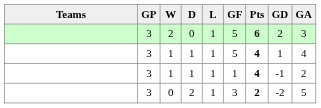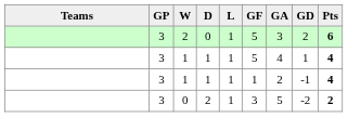 <table style=border-collapse:collapse border=1 cellspacing=0 cellpadding=5>
 <tr align=center bgcolor=#efefef>
 <th width=185>Teams</th>
 <th width=20>GP</th>
 <th width=20>W</th>
 <th width=20>D</th>
 <th width=20>L</th>
 <th width=20>GF</th>
+<th width=20>GA</th>
+<th width=20>GD</th>
 <th width=20>Pts<br></th>
-<th width=20>GD</th>
-<th width=20>GA</th>
 </tr>
 <tr align=center style="background:#ccffcc;">
 <td style="text-align:left;"></td>
 <td>3</td>
 <td>2</td>
 <td>0</td>
 <td>1</td>
 <td>5</td>
+<td>3</td>
+<td>2</td>
 <td><strong>6</strong></td>
-<td>2</td>
-<td>3</td>
 </tr>
 <tr align=center>
 <td style="text-align:left;"></td>
 <td>3</td>
 <td>1</td>
 <td>1</td>
 <td>1</td>
 <td>5</td>
+<td>4</td>
+<td>1</td>
 <td><strong>4</strong></td>
-<td>1</td>
-<td>4</td>
 </tr>
 <tr align=center>
 <td style="text-align:left;"></td>
 <td>3</td>
 <td>1</td>
 <td>1</td>
 <td>1</td>
 <td>1</td>
+<td>2</td>
+<td>-1</td>
 <td><strong>4</strong></td>
-<td>-1</td>
-<td>2</td>
 </tr>
 <tr align=center>
 <td style="text-align:left;"></td>
 <td>3</td>
 <td>0</td>
 <td>2</td>
 <td>1</td>
 <td>3</td>
+<td>5</td>
+<td>-2</td>
 <td><strong>2</strong></td>
-<td>-2</td>
-<td>5</td>
 </tr>
 </table>
